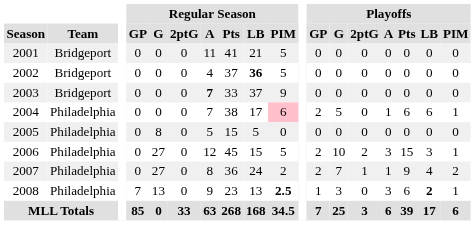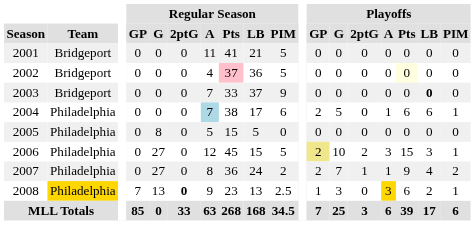 <table BORDER="0" CELLPADDING="3" CELLSPACING="0">
 <tr ALIGN="center" bgcolor="#e0e0e0">
 <th colspan="2" bgcolor="#ffffff"> </th>
 <th rowspan="99" bgcolor="#ffffff"> </th>
 <th colspan="7">Regular Season</th>
 <th rowspan="99" bgcolor="#ffffff"> </th>
 <th colspan="7">Playoffs</th>
 </tr>
 <tr ALIGN="center" bgcolor="#e0e0e0">
 <th>Season</th>
 <th>Team</th>
 <th>GP</th>
 <th>G</th>
 <th>2ptG</th>
 <th>A</th>
 <th>Pts</th>
 <th>LB</th>
 <th>PIM</th>
 <th>GP</th>
 <th>G</th>
 <th>2ptG</th>
 <th>A</th>
 <th>Pts</th>
 <th>LB</th>
 <th>PIM</th>
 </tr>
 <tr ALIGN="center" bgcolor="#f0f0f0">
 <td>2001</td>
 <td>Bridgeport</td>
 <td>0</td>
 <td>0</td>
 <td>0</td>
 <td>11</td>
 <td>41</td>
 <td>21</td>
 <td>5</td>
 <td>0</td>
 <td>0</td>
 <td>0</td>
 <td>0</td>
 <td>0</td>
 <td>0</td>
 <td>0</td>
 </tr>
 <tr ALIGN="center">
 <td>2002</td>
 <td>Bridgeport</td>
 <td>0</td>
 <td>0</td>
 <td>0</td>
 <td>4</td>
-<td>37</td>
-<td><strong>36</strong></td>
+<td style="background: pink;">37</td>
+<td>36</td>
 <td>5</td>
 <td>0</td>
 <td>0</td>
 <td>0</td>
 <td>0</td>
-<td>0</td>
+<td style="background: lightyellow;">0</td>
 <td>0</td>
 <td>0</td>
 </tr>
 <tr ALIGN="center" bgcolor="#f0f0f0">
 <td>2003</td>
 <td>Bridgeport</td>
 <td>0</td>
 <td>0</td>
 <td>0</td>
-<td><strong>7</strong></td>
+<td>7</td>
 <td>33</td>
 <td>37</td>
 <td>9</td>
 <td>0</td>
 <td>0</td>
 <td>0</td>
 <td>0</td>
 <td>0</td>
-<td>0</td>
+<td><strong>0</strong></td>
 <td>0</td>
 </tr>
 <tr ALIGN="center">
 <td>2004</td>
 <td>Philadelphia</td>
 <td>0</td>
 <td>0</td>
 <td>0</td>
-<td>7</td>
+<td style="background: lightblue;">7</td>
 <td>38</td>
 <td>17</td>
-<td style="background: pink;">6</td>
+<td>6</td>
 <td>2</td>
 <td>5</td>
 <td>0</td>
 <td>1</td>
 <td>6</td>
 <td>6</td>
 <td>1</td>
 </tr>
 <tr ALIGN="center" bgcolor="#f0f0f0">
 <td>2005</td>
 <td>Philadelphia</td>
 <td>0</td>
 <td>8</td>
 <td>0</td>
 <td>5</td>
 <td>15</td>
 <td>5</td>
 <td>0</td>
 <td>0</td>
 <td>0</td>
 <td>0</td>
 <td>0</td>
 <td>0</td>
 <td>0</td>
 <td>0</td>
 </tr>
 <tr ALIGN="center">
 <td>2006</td>
 <td>Philadelphia</td>
 <td>0</td>
 <td>27</td>
 <td>0</td>
 <td>12</td>
 <td>45</td>
 <td>15</td>
 <td>5</td>
-<td>2</td>
+<td style="background: khaki;">2</td>
 <td>10</td>
 <td>2</td>
 <td>3</td>
 <td>15</td>
 <td>3</td>
 <td>1</td>
 </tr>
 <tr ALIGN="center" bgcolor="#f0f0f0">
 <td>2007</td>
 <td>Philadelphia</td>
 <td>0</td>
 <td>27</td>
 <td>0</td>
 <td>8</td>
 <td>36</td>
 <td>24</td>
 <td>2</td>
 <td>2</td>
 <td>7</td>
 <td>1</td>
 <td>1</td>
 <td>9</td>
 <td>4</td>
 <td>2</td>
 </tr>
 <tr ALIGN="center">
 <td>2008</td>
-<td>Philadelphia</td>
+<td style="background: gold;">Philadelphia</td>
 <td>7</td>
 <td>13</td>
-<td>0</td>
+<td><strong>0</strong></td>
 <td>9</td>
 <td>23</td>
 <td>13</td>
-<td><strong>2.5</strong></td>
+<td>2.5</td>
 <td>1</td>
 <td>3</td>
 <td>0</td>
-<td>3</td>
+<td style="background: gold;">3</td>
 <td>6</td>
-<td><strong>2</strong></td>
+<td>2</td>
 <td>1</td>
 </tr>
 <tr ALIGN="center" bgcolor="#e0e0e0">
 <th colspan="2">MLL Totals</th>
 <th>85</th>
 <th>0</th>
 <th>33</th>
 <th>63</th>
 <th>268</th>
 <th>168</th>
 <th>34.5</th>
 <th>7</th>
 <th>25</th>
 <th>3</th>
 <th>6</th>
 <th>39</th>
 <th>17</th>
 <th>6</th>
 </tr>
 </table>
